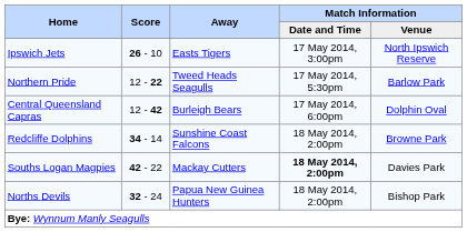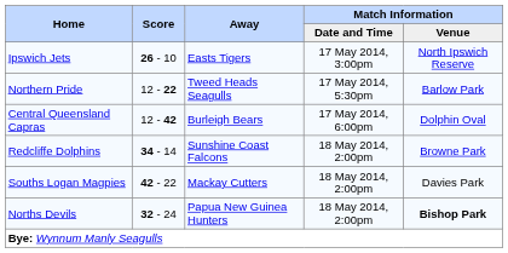 <table border=1 style="border-collapse:collapse; font-size:90%; text-align:center;" cellpadding=3 cellspacing=0>
 <tr bgcolor=#C1D8FF>
 <th rowspan=2 width=12%>Home</th>
 <th rowspan=2 width=3%>Score</th>
 <th rowspan=2 width=12%>Away</th>
 <th colspan=5>Match Information</th>
 </tr>
 <tr bgcolor=#EFEFEF>
 <th width=10%>Date and Time</th>
 <th width=10%>Venue</th>
 </tr>
 <tr bgcolor=#F5FAFF>
 <td align=left> <a href='#'>Ipswich Jets</a></td>
 <td><strong>26</strong> - 10</td>
 <td align=left> <a href='#'>Easts Tigers</a></td>
 <td>17 May 2014, 3:00pm</td>
 <td><a href='#'>North Ipswich Reserve</a></td>
 </tr>
 <tr bgcolor=#F5FAFF>
 <td align=left> <a href='#'>Northern Pride</a></td>
 <td>12 - <strong>22</strong></td>
 <td align=left> <a href='#'>Tweed Heads Seagulls</a></td>
 <td>17 May 2014, 5:30pm</td>
 <td><a href='#'>Barlow Park</a></td>
 </tr>
 <tr bgcolor=#F5FAFF>
 <td align=left> <a href='#'>Central Queensland Capras</a></td>
 <td>12 - <strong>42</strong></td>
 <td align=left> <a href='#'>Burleigh Bears</a></td>
 <td>17 May 2014, 6:00pm</td>
 <td><a href='#'>Dolphin Oval</a></td>
 </tr>
 <tr bgcolor=#F5FAFF>
 <td align=left> <a href='#'>Redcliffe Dolphins</a></td>
 <td><strong>34</strong> - 14</td>
 <td align=left> <a href='#'>Sunshine Coast Falcons</a></td>
 <td>18 May 2014, 2:00pm</td>
 <td><a href='#'>Browne Park</a></td>
 </tr>
 <tr bgcolor=#F5FAFF>
 <td align=left> <a href='#'>Souths Logan Magpies</a></td>
 <td><strong>42</strong> - 22</td>
 <td align=left> <a href='#'>Mackay Cutters</a></td>
-<td><strong>18 May 2014, 2:00pm</strong></td>
+<td>18 May 2014, 2:00pm</td>
 <td>Davies Park</td>
 </tr>
 <tr bgcolor=#F5FAFF>
 <td align=left> <a href='#'>Norths Devils</a></td>
 <td><strong>32</strong> - 24</td>
 <td align=left> <a href='#'>Papua New Guinea Hunters</a></td>
 <td>18 May 2014, 2:00pm</td>
-<td>Bishop Park</td>
+<td><strong>Bishop Park</strong></td>
 </tr>
 <tr>
 <td colspan="5" style="text-align:left;"><strong>Bye:</strong> <em><a href='#'>Wynnum Manly Seagulls</a></em></td>
 </tr>
 </table>
